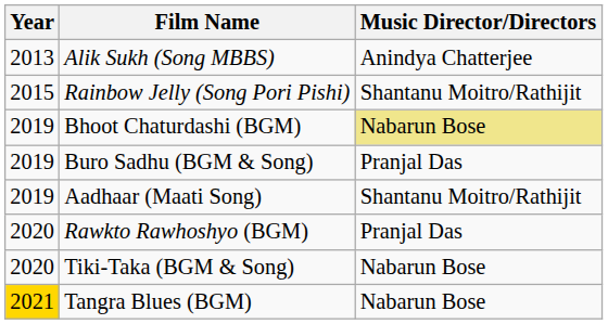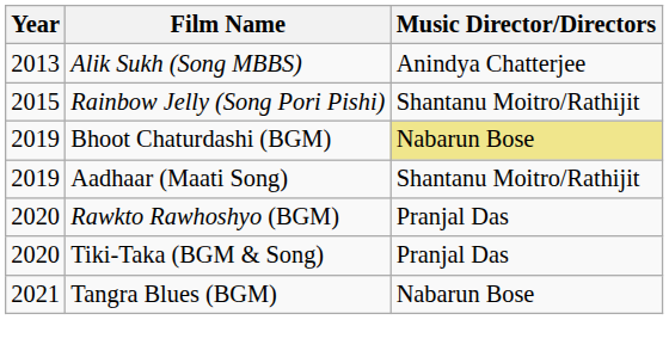 <table class="wikitable sortable">
 <tr>
 <th>Year</th>
 <th>Film Name</th>
 <th>Music Director/Directors</th>
 </tr>
 <tr>
 <td>2013</td>
 <td><em>Alik Sukh (Song MBBS)</em></td>
 <td>Anindya Chatterjee</td>
 </tr>
 <tr>
 <td>2015</td>
 <td><em>Rainbow Jelly (Song Pori Pishi)</em></td>
 <td>Shantanu Moitro/Rathijit</td>
 </tr>
 <tr>
 <td>2019</td>
 <td>Bhoot Chaturdashi (BGM)</td>
 <td style="background: khaki;">Nabarun Bose</td>
 </tr>
 <tr>
 <td>2019</td>
-<td>Buro Sadhu (BGM & Song) </td>
-<td>Pranjal Das</td>
-</tr>
-<tr>
-<td>2019</td>
 <td>Aadhaar (Maati Song) </td>
 <td>Shantanu Moitro/Rathijit</td>
 </tr>
 <tr>
 <td>2020</td>
 <td><em>Rawkto Rawhoshyo</em> (BGM)</td>
 <td>Pranjal Das</td>
 </tr>
 <tr>
 <td>2020</td>
 <td>Tiki-Taka (BGM & Song)</td>
-<td>Nabarun Bose</td>
+<td>Pranjal Das</td>
 </tr>
 <tr>
-<td style="background: gold;">2021</td>
+<td>2021</td>
 <td>Tangra Blues (BGM)</td>
 <td>Nabarun Bose</td>
 </tr>
 </table>
